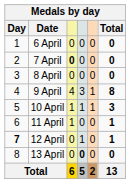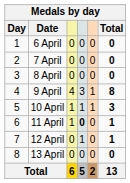 <table class=wikitable style=font-size:85%;float:right;text-align:center>
 <tr style="background:#efefef;">
 <th colspan=6>Medals by day</th>
 </tr>
 <tr>
 <th>Day</th>
 <th>Date</th>
 <td bgcolor=F7F6A8></td>
 <td bgcolor=DCE5E5></td>
 <td bgcolor=FFDAB9></td>
 <th>Total</th>
 </tr>
 <tr>
 <td>1</td>
 <td>6 April</td>
 <td bgcolor=F7F6A8>0</td>
 <td bgcolor=DCE5E5>0</td>
 <td bgcolor=FFDAB9>0</td>
 <td><strong>0</strong></td>
 </tr>
 <tr style="text-align:center">
 <td>2</td>
 <td>7 April</td>
-<td bgcolor=F7F6A8><strong>0</strong></td>
+<td bgcolor=F7F6A8>0</td>
 <td bgcolor=DCE5E5>0</td>
 <td bgcolor=FFDAB9>0</td>
 <td><strong>0</strong></td>
 </tr>
 <tr style="text-align:center">
 <td>3</td>
 <td>8 April</td>
 <td bgcolor=F7F6A8>0</td>
 <td bgcolor=DCE5E5>0</td>
 <td bgcolor=FFDAB9>0</td>
 <td><strong>0</strong></td>
 </tr>
 <tr style="text-align:center">
 <td>4</td>
 <td>9 April</td>
 <td bgcolor=F7F6A8>4</td>
 <td bgcolor=DCE5E5>3</td>
 <td bgcolor=FFDAB9>1</td>
 <td><strong>8</strong></td>
 </tr>
 <tr style="text-align:center">
 <td>5</td>
 <td>10 April</td>
 <td bgcolor=F7F6A8>1</td>
 <td bgcolor=DCE5E5>1</td>
 <td bgcolor=FFDAB9>1</td>
 <td><strong>3</strong></td>
 </tr>
 <tr style="text-align:center">
 <td>6</td>
 <td>11 April</td>
 <td bgcolor=F7F6A8>1</td>
-<td bgcolor=DCE5E5>0</td>
+<td bgcolor=DCE5E5><strong>0</strong></td>
 <td bgcolor=FFDAB9>0</td>
 <td><strong>1</strong></td>
 </tr>
 <tr style="text-align:center">
-<td><strong>7</strong></td>
+<td>7</td>
 <td>12 April</td>
 <td bgcolor=F7F6A8>0</td>
 <td bgcolor=DCE5E5>1</td>
 <td bgcolor=FFDAB9>0</td>
 <td><strong>1</strong></td>
 </tr>
 <tr style="text-align:center">
 <td>8</td>
 <td>13 April</td>
 <td bgcolor=F7F6A8>0</td>
-<td bgcolor=DCE5E5><strong>0</strong></td>
+<td bgcolor=DCE5E5>0</td>
 <td bgcolor=FFDAB9>0</td>
 <td><strong>0</strong></td>
 </tr>
 <tr>
 <th colspan=2>Total</th>
 <th style="background:gold">6</th>
 <th style="background:silver">5</th>
 <th style="background:#c96">2</th>
 <th>13</th>
 </tr>
 </table>
